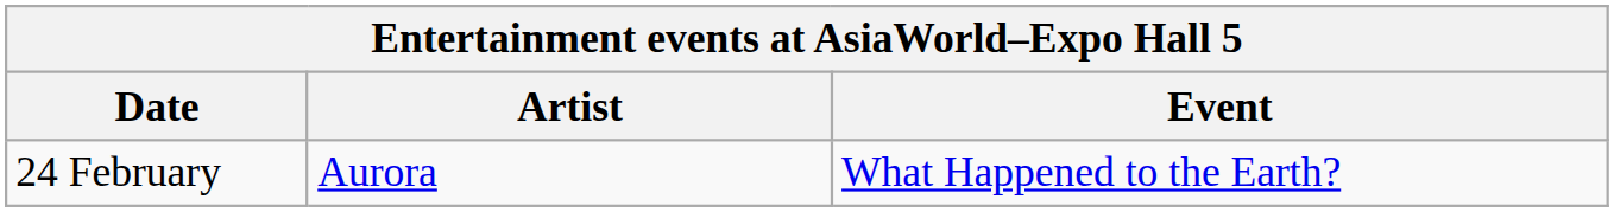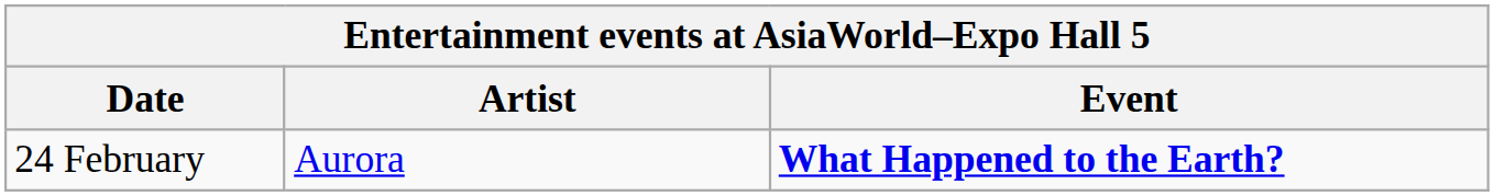 <table class="wikitable">
 <tr>
 <th colspan="3">Entertainment events at AsiaWorld–Expo Hall 5</th>
 </tr>
 <tr>
 <th width="110">Date</th>
 <th width="200">Artist</th>
 <th width="300">Event</th>
 </tr>
 <tr>
 <td>24 February</td>
 <td><a href='#'>Aurora</a></td>
-<td><a href='#'>What Happened to the Earth?</a></td>
+<td><strong><a href='#'>What Happened to the Earth?</a></strong></td>
 </tr>
 </table>
